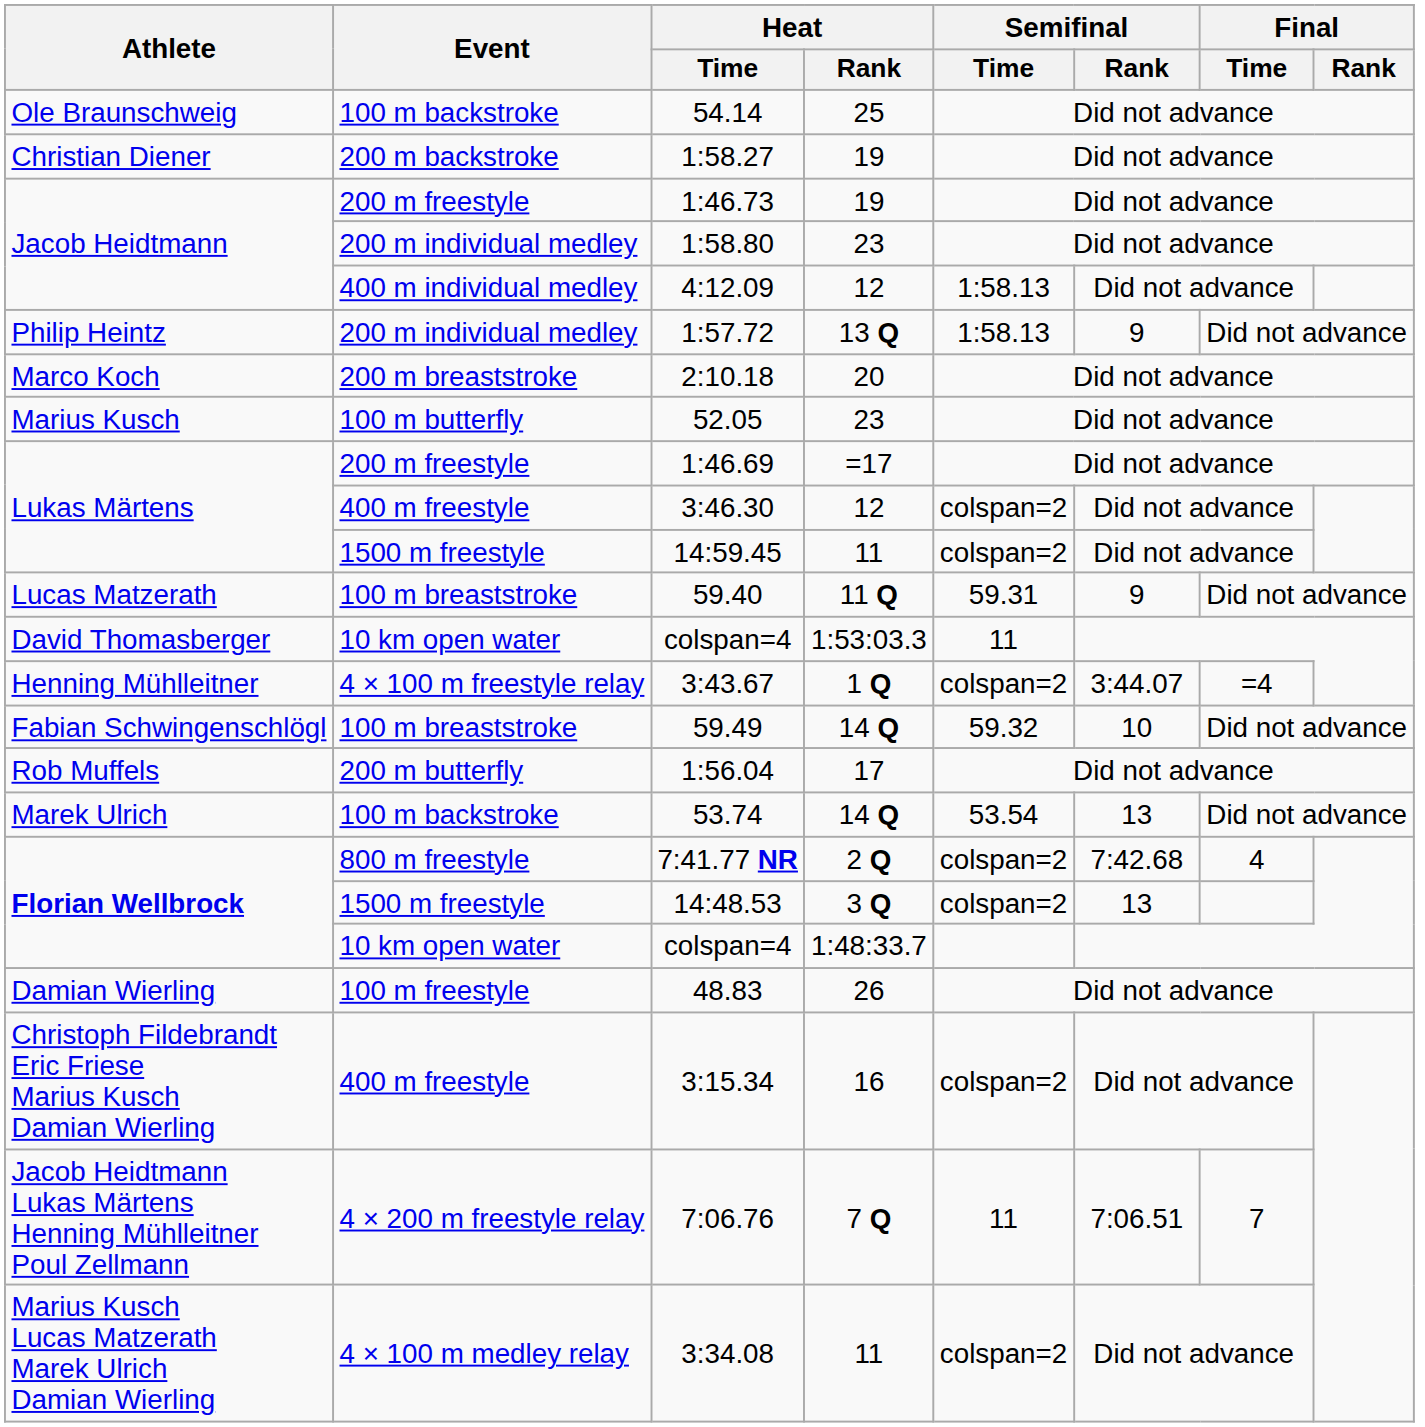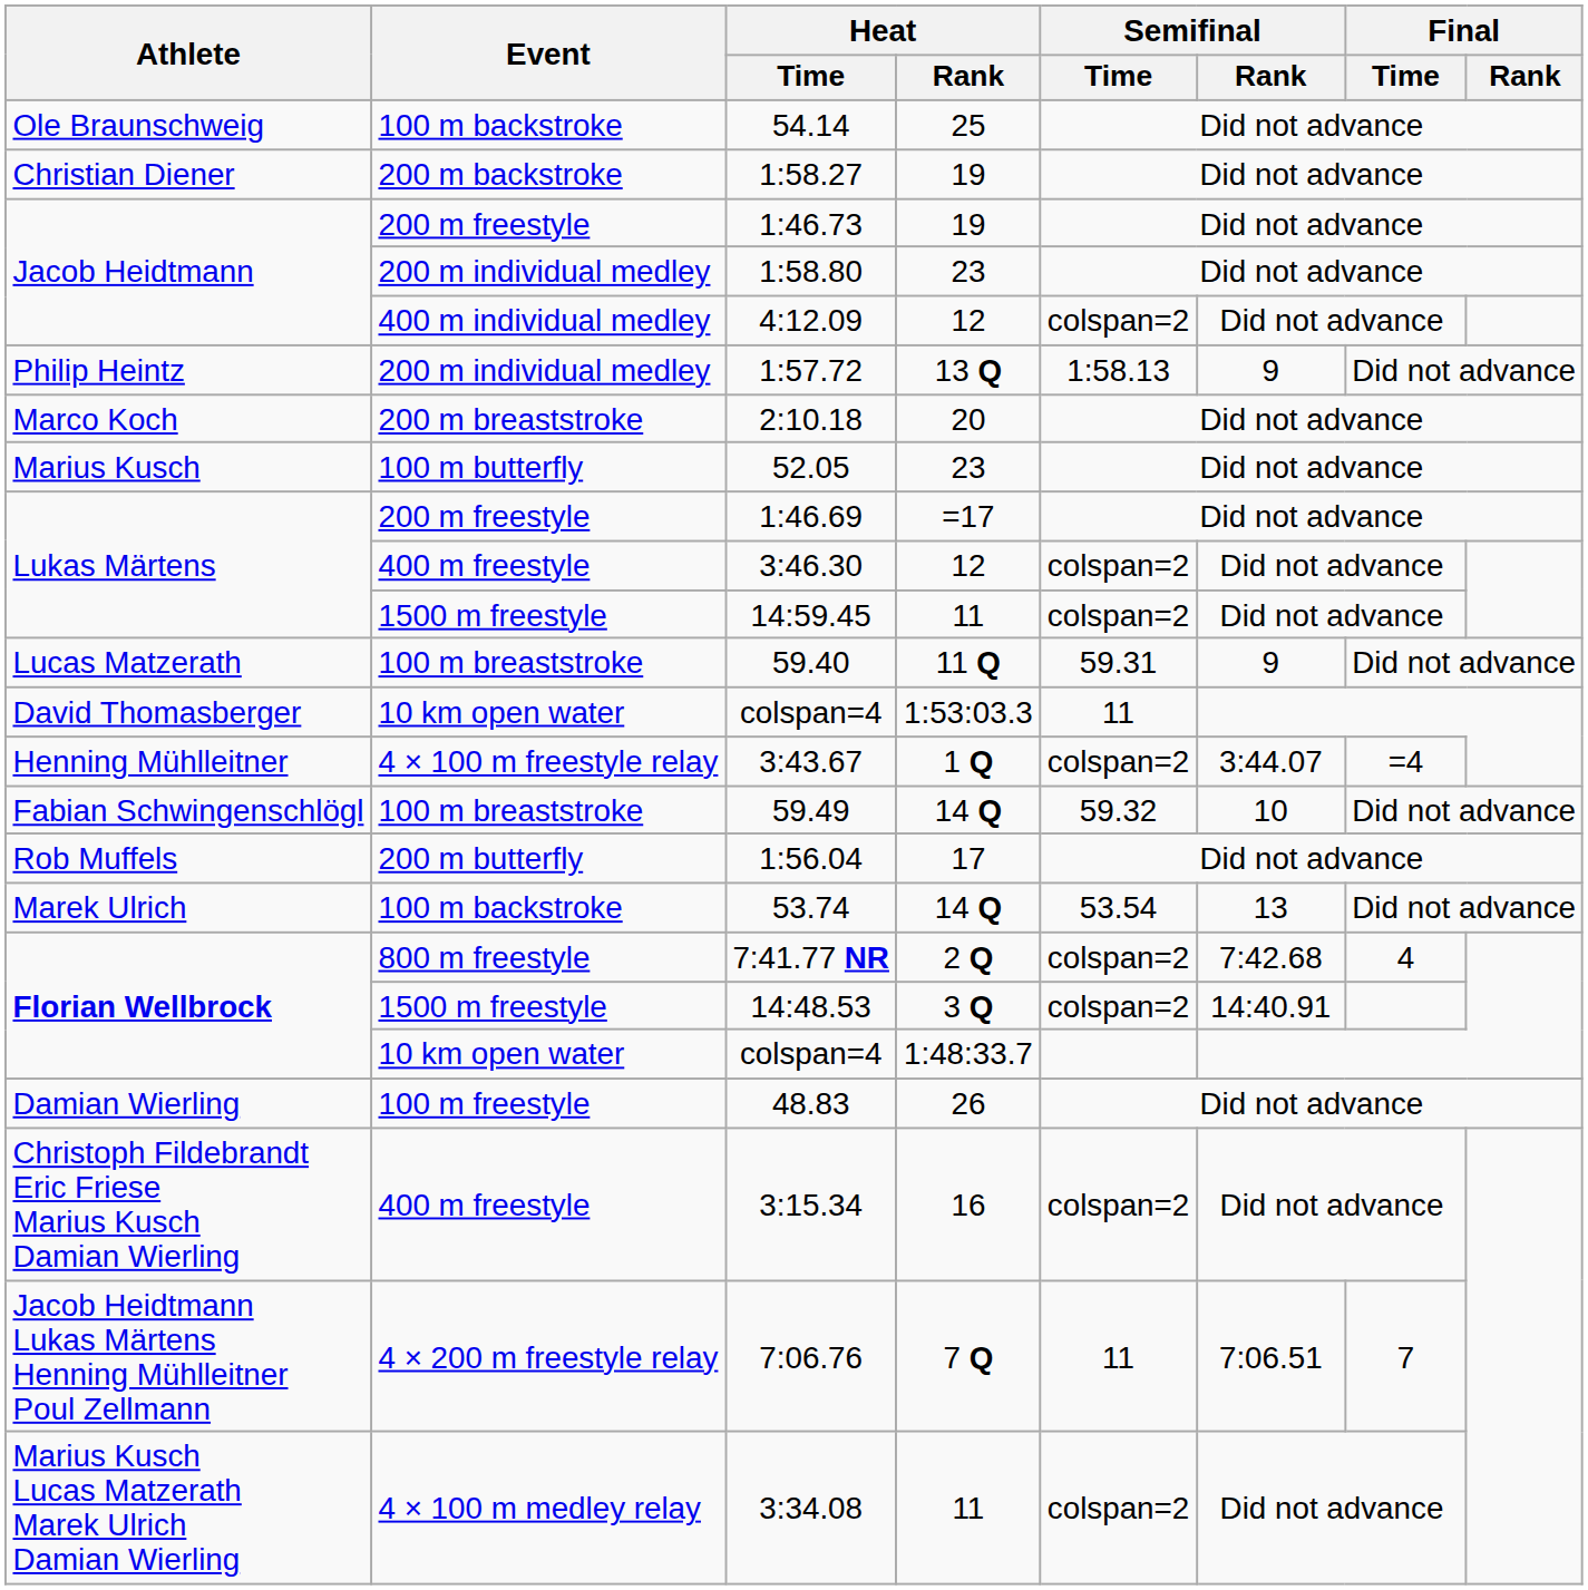 <table class=wikitable style="font-size:90%">
 <tr>
 <th rowspan="2">Athlete</th>
 <th rowspan="2">Event</th>
 <th colspan="2">Heat</th>
 <th colspan="2">Semifinal</th>
 <th colspan="2">Final</th>
 </tr>
 <tr style="font-size:95%">
 <th>Time</th>
 <th>Rank</th>
 <th>Time</th>
 <th>Rank</th>
 <th>Time</th>
 <th>Rank</th>
 </tr>
 <tr align=center>
 <td align=left><a href='#'>Ole Braunschweig</a></td>
 <td align=left><a href='#'>100 m backstroke</a></td>
 <td>54.14</td>
 <td>25</td>
 <td colspan="4">Did not advance</td>
 </tr>
 <tr align=center>
 <td align=left><a href='#'>Christian Diener</a></td>
 <td align=left><a href='#'>200 m backstroke</a></td>
 <td>1:58.27</td>
 <td>19</td>
 <td colspan="4">Did not advance</td>
 </tr>
 <tr align=center>
 <td align=left rowspan=3><a href='#'>Jacob Heidtmann</a></td>
 <td align=left><a href='#'>200 m freestyle</a></td>
 <td>1:46.73</td>
 <td>19</td>
 <td colspan="4">Did not advance</td>
 </tr>
 <tr align=center>
 <td align=left><a href='#'>200 m individual medley</a></td>
 <td>1:58.80</td>
 <td>23</td>
 <td colspan="4">Did not advance</td>
 </tr>
 <tr align=center>
 <td align=left><a href='#'>400 m individual medley</a></td>
 <td>4:12.09</td>
 <td>12</td>
-<td>1:58.13</td>
+<td>colspan=2 </td>
 <td colspan="2">Did not advance</td>
 </tr>
 <tr align=center>
 <td align=left><a href='#'>Philip Heintz</a></td>
 <td align=left><a href='#'>200 m individual medley</a></td>
 <td>1:57.72</td>
 <td>13 <strong>Q</strong></td>
 <td>1:58.13</td>
 <td>9</td>
 <td colspan="2">Did not advance</td>
 </tr>
 <tr align=center>
 <td align=left><a href='#'>Marco Koch</a></td>
 <td align=left><a href='#'>200 m breaststroke</a></td>
 <td>2:10.18</td>
 <td>20</td>
 <td colspan="4">Did not advance</td>
 </tr>
 <tr align=center>
 <td align=left><a href='#'>Marius Kusch</a></td>
 <td align=left><a href='#'>100 m butterfly</a></td>
 <td>52.05</td>
 <td>23</td>
 <td colspan="4">Did not advance</td>
 </tr>
 <tr align=center>
 <td align=left rowspan=3><a href='#'>Lukas Märtens</a></td>
 <td align=left><a href='#'>200 m freestyle</a></td>
 <td>1:46.69</td>
 <td>=17</td>
 <td colspan="4">Did not advance</td>
 </tr>
 <tr align=center>
 <td align=left><a href='#'>400 m freestyle</a></td>
 <td>3:46.30</td>
 <td>12</td>
 <td>colspan=2 </td>
 <td colspan="2">Did not advance</td>
 </tr>
 <tr align=center>
 <td align=left><a href='#'>1500 m freestyle</a></td>
 <td>14:59.45</td>
 <td>11</td>
 <td>colspan=2 </td>
 <td colspan="2">Did not advance</td>
 </tr>
 <tr align=center>
 <td align=left><a href='#'>Lucas Matzerath</a></td>
 <td align=left><a href='#'>100 m breaststroke</a></td>
 <td>59.40</td>
 <td>11 <strong>Q</strong></td>
 <td>59.31</td>
 <td>9</td>
 <td colspan="2">Did not advance</td>
 </tr>
 <tr align=center>
 <td align=left><a href='#'>David Thomasberger</a></td>
 <td align=left><a href='#'>10 km open water</a></td>
 <td>colspan=4 </td>
 <td>1:53:03.3</td>
 <td>11</td>
 </tr>
 <tr align=center>
 <td align=left><a href='#'>Henning Mühlleitner</a></td>
 <td align=left><a href='#'>4 × 100 m freestyle relay</a></td>
 <td>3:43.67</td>
 <td>1 <strong>Q</strong></td>
 <td>colspan=2 </td>
 <td>3:44.07</td>
 <td>=4</td>
 </tr>
 <tr align=center>
 <td align=left><a href='#'>Fabian Schwingenschlögl</a></td>
 <td align=left><a href='#'>100 m breaststroke</a></td>
 <td>59.49</td>
 <td>14 <strong>Q</strong></td>
 <td>59.32</td>
 <td>10</td>
 <td colspan="2">Did not advance</td>
 </tr>
 <tr align=center>
 <td align=left><a href='#'>Rob Muffels</a></td>
 <td align=left><a href='#'>200 m butterfly</a></td>
 <td>1:56.04</td>
 <td>17</td>
 <td colspan="4">Did not advance</td>
 </tr>
 <tr align=center>
 <td align=left><a href='#'>Marek Ulrich</a></td>
 <td align=left><a href='#'>100 m backstroke</a></td>
 <td>53.74</td>
 <td>14 <strong>Q</strong></td>
 <td>53.54</td>
 <td>13</td>
 <td colspan="2">Did not advance</td>
 </tr>
 <tr align=center>
 <td align=left rowspan=3><strong><a href='#'>Florian Wellbrock</a></strong></td>
 <td align=left><a href='#'>800 m freestyle</a></td>
 <td>7:41.77 <strong><a href='#'>NR</a></strong></td>
 <td>2 <strong>Q</strong></td>
 <td>colspan=2 </td>
 <td>7:42.68</td>
 <td>4</td>
 </tr>
 <tr align=center>
 <td align=left><a href='#'>1500 m freestyle</a></td>
 <td>14:48.53</td>
 <td>3 <strong>Q</strong></td>
 <td>colspan=2 </td>
-<td>13</td>
+<td>14:40.91</td>
 <td></td>
 </tr>
 <tr align=center>
 <td align=left><a href='#'>10 km open water</a></td>
 <td>colspan=4 </td>
 <td>1:48:33.7</td>
 <td></td>
 </tr>
 <tr align=center>
 <td align=left><a href='#'>Damian Wierling</a></td>
 <td align=left><a href='#'>100 m freestyle</a></td>
 <td>48.83</td>
 <td>26</td>
 <td colspan="4">Did not advance</td>
 </tr>
 <tr align=center>
 <td align=left><a href='#'>Christoph Fildebrandt</a><br><a href='#'>Eric Friese</a><br><a href='#'>Marius Kusch</a><br><a href='#'>Damian Wierling</a></td>
 <td align=left><a href='#'>400 m freestyle</a></td>
 <td>3:15.34</td>
 <td>16</td>
 <td>colspan=2 </td>
 <td colspan="2">Did not advance</td>
 </tr>
 <tr align=center>
 <td align=left><a href='#'>Jacob Heidtmann</a><br><a href='#'>Lukas Märtens</a><br><a href='#'>Henning Mühlleitner</a><br><a href='#'>Poul Zellmann</a></td>
 <td align=left><a href='#'>4 × 200 m freestyle relay</a></td>
 <td>7:06.76</td>
 <td>7 <strong>Q</strong></td>
 <td>11</td>
 <td>7:06.51</td>
 <td>7</td>
 </tr>
 <tr align=center>
 <td align=left><a href='#'>Marius Kusch</a><br><a href='#'>Lucas Matzerath</a><br><a href='#'>Marek Ulrich</a><br><a href='#'>Damian Wierling</a></td>
 <td align=left><a href='#'>4 × 100 m medley relay</a></td>
 <td>3:34.08</td>
 <td>11</td>
 <td>colspan=2 </td>
 <td colspan="2">Did not advance</td>
 </tr>
 </table>
